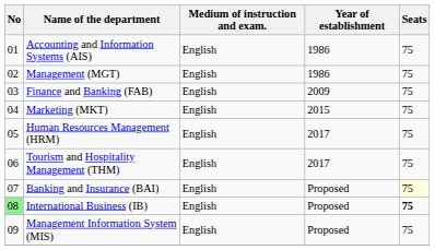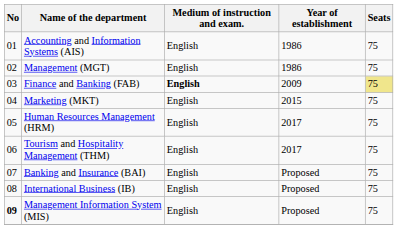 <table class="wikitable">
 <tr>
 <th>No</th>
 <th>Name of the department</th>
 <th>Medium of instruction and exam.</th>
 <th>Year of establishment</th>
 <th>Seats</th>
 </tr>
 <tr>
 <td>01</td>
 <td><a href='#'>Accounting</a> and <a href='#'>Information Systems</a> (AIS)</td>
 <td>English</td>
 <td>1986</td>
 <td>75</td>
 </tr>
 <tr>
 <td>02</td>
 <td><a href='#'>Management</a> (MGT)</td>
 <td>English</td>
 <td>1986</td>
 <td>75</td>
 </tr>
 <tr>
 <td>03</td>
 <td><a href='#'>Finance</a> and <a href='#'>Banking</a> (FAB)</td>
-<td>English</td>
+<td><strong>English</strong></td>
 <td>2009</td>
-<td>75</td>
+<td style="background: khaki;">75</td>
 </tr>
 <tr>
 <td>04</td>
 <td><a href='#'>Marketing</a> (MKT)</td>
 <td>English</td>
 <td>2015</td>
 <td>75</td>
 </tr>
 <tr>
 <td>05</td>
 <td><a href='#'>Human Resources Management</a> (HRM)</td>
 <td>English</td>
 <td>2017</td>
 <td>75</td>
 </tr>
 <tr>
 <td>06</td>
 <td><a href='#'>Tourism</a> and <a href='#'>Hospitality Management</a> (THM)</td>
 <td>English</td>
 <td>2017</td>
 <td>75</td>
 </tr>
 <tr>
 <td>07</td>
 <td><a href='#'>Banking</a> and <a href='#'>Insurance</a> (BAI)</td>
 <td>English</td>
 <td>Proposed</td>
-<td style="background: lightyellow;">75</td>
+<td>75</td>
 </tr>
 <tr>
-<td style="background: lightgreen;">08</td>
+<td>08</td>
 <td><a href='#'>International Business</a> (IB)</td>
 <td>English</td>
 <td>Proposed</td>
-<td><strong>75</strong></td>
+<td>75</td>
 </tr>
 <tr>
-<td>09</td>
+<td><strong>09</strong></td>
 <td><a href='#'>Management Information System</a> (MIS)</td>
 <td>English</td>
 <td>Proposed</td>
 <td>75</td>
 </tr>
 <tr>
 </tr>
 </table>
